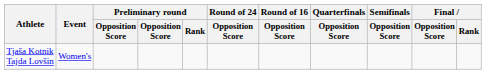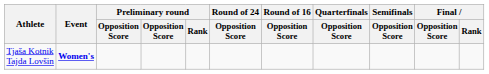 <table class=wikitable style=font-size:90%;text-align:center>
 <tr>
 <th rowspan=2>Athlete</th>
 <th rowspan=2>Event</th>
 <th colspan=3>Preliminary round</th>
 <th>Round of 24</th>
 <th>Round of 16</th>
 <th>Quarterfinals</th>
 <th>Semifinals</th>
 <th colspan=2>Final / </th>
 </tr>
 <tr style=font-size:95%>
 <th>Opposition<br>Score</th>
 <th>Opposition<br>Score</th>
 <th>Rank</th>
 <th>Opposition<br>Score</th>
 <th>Opposition<br>Score</th>
 <th>Opposition<br>Score</th>
 <th>Opposition<br>Score</th>
 <th>Opposition<br>Score</th>
 <th>Rank</th>
 </tr>
 <tr>
 <td align=left><a href='#'>Tjaša Kotnik</a><br><a href='#'>Tajda Lovšin</a></td>
-<td align=left><a href='#'>Women's</a></td>
+<td align=left><strong><a href='#'>Women's</a></strong></td>
 <td></td>
 <td></td>
 <td></td>
 <td></td>
 <td></td>
 <td></td>
 <td></td>
 <td></td>
 <td></td>
 </tr>
 </table>
